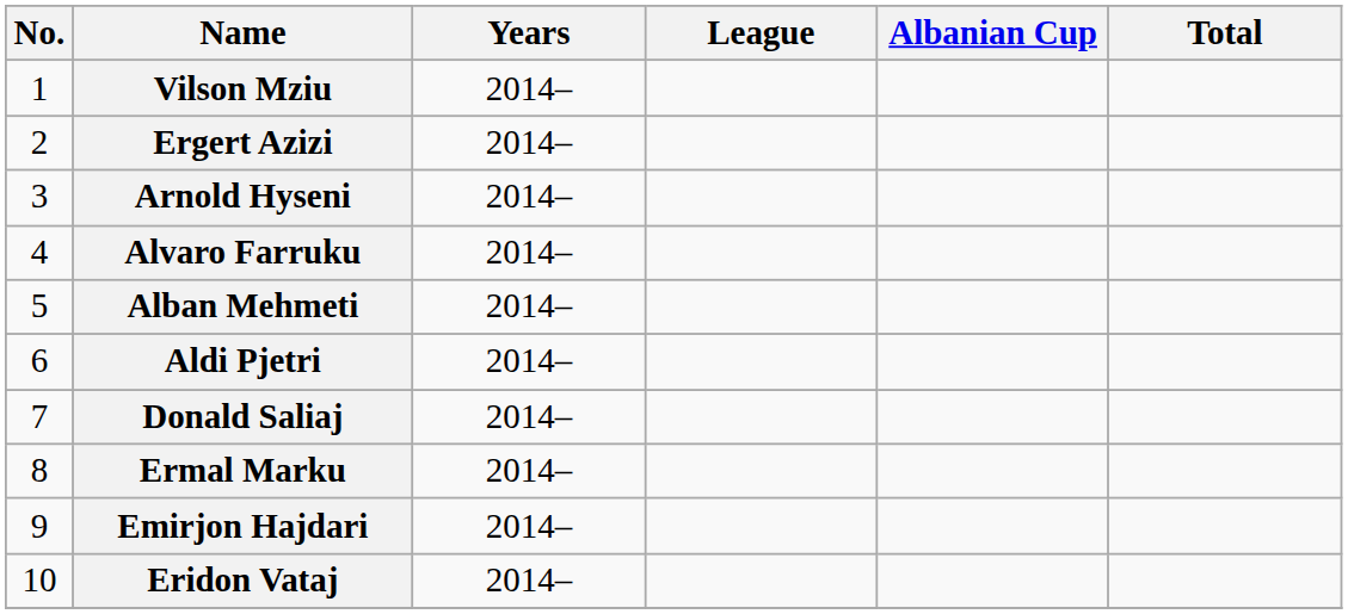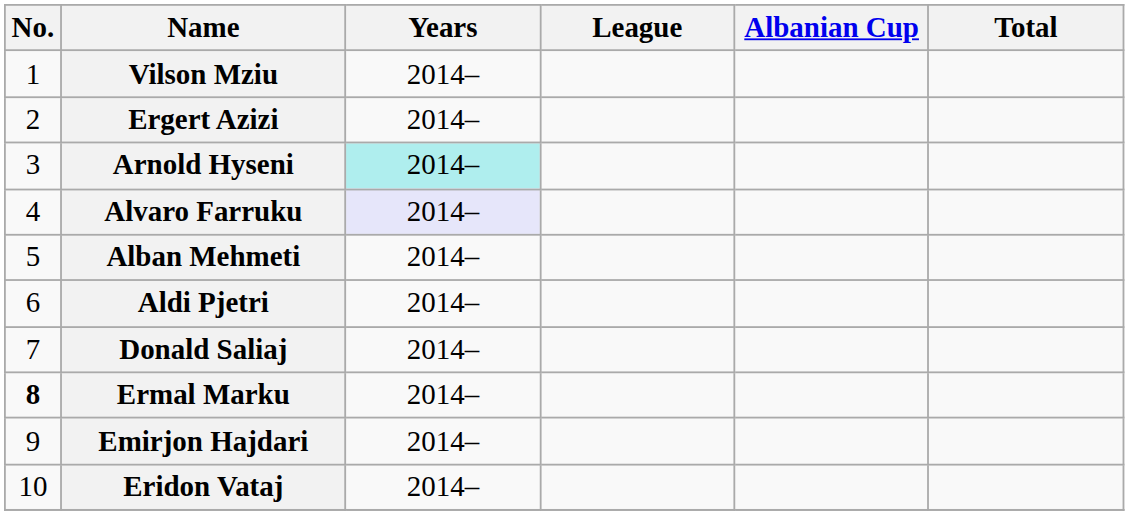 <table class="wikitable plainrowheaders sortable" style="text-align: center;">
 <tr>
 <th scope=col>No.</th>
 <th scope=col width="150px">Name</th>
 <th scope=col width="100px">Years</th>
 <th scope=col width="100px">League</th>
 <th scope=col width="100px"><a href='#'>Albanian Cup</a></th>
 <th scope=col width="100px">Total</th>
 </tr>
 <tr>
 <td>1</td>
 <th scope=row> Vilson Mziu</th>
 <td>2014–</td>
 <td></td>
 <td></td>
 <td></td>
 </tr>
 <tr>
 <td>2</td>
 <th scope=row> Ergert Azizi</th>
 <td>2014–</td>
 <td></td>
 <td></td>
 <td></td>
 </tr>
 <tr>
 <td>3</td>
 <th scope=row> Arnold Hyseni</th>
-<td>2014–</td>
+<td style="background: paleturquoise;">2014–</td>
 <td></td>
 <td></td>
 <td></td>
 </tr>
 <tr>
 <td>4</td>
 <th scope=row> Alvaro Farruku</th>
-<td>2014–</td>
+<td style="background: lavender;">2014–</td>
 <td></td>
 <td></td>
 <td></td>
 </tr>
 <tr>
 <td>5</td>
 <th scope=row> Alban Mehmeti</th>
 <td>2014–</td>
 <td></td>
 <td></td>
 <td></td>
 </tr>
 <tr>
 <td>6</td>
 <th scope=row> Aldi Pjetri</th>
 <td>2014–</td>
 <td></td>
 <td></td>
 <td></td>
 </tr>
 <tr>
 <td>7</td>
 <th scope=row> Donald Saliaj</th>
 <td>2014–</td>
 <td></td>
 <td></td>
 <td></td>
 </tr>
 <tr>
-<td>8</td>
+<td><strong>8</strong></td>
 <th scope=row> Ermal Marku</th>
 <td>2014–</td>
 <td></td>
 <td></td>
 <td></td>
 </tr>
 <tr>
 <td>9</td>
 <th scope=row> Emirjon Hajdari</th>
 <td>2014–</td>
 <td></td>
 <td></td>
 <td></td>
 </tr>
 <tr>
 <td>10</td>
 <th scope=row> Eridon Vataj</th>
 <td>2014–</td>
 <td></td>
 <td></td>
 <td></td>
 </tr>
 <tr>
 </tr>
 </table>
